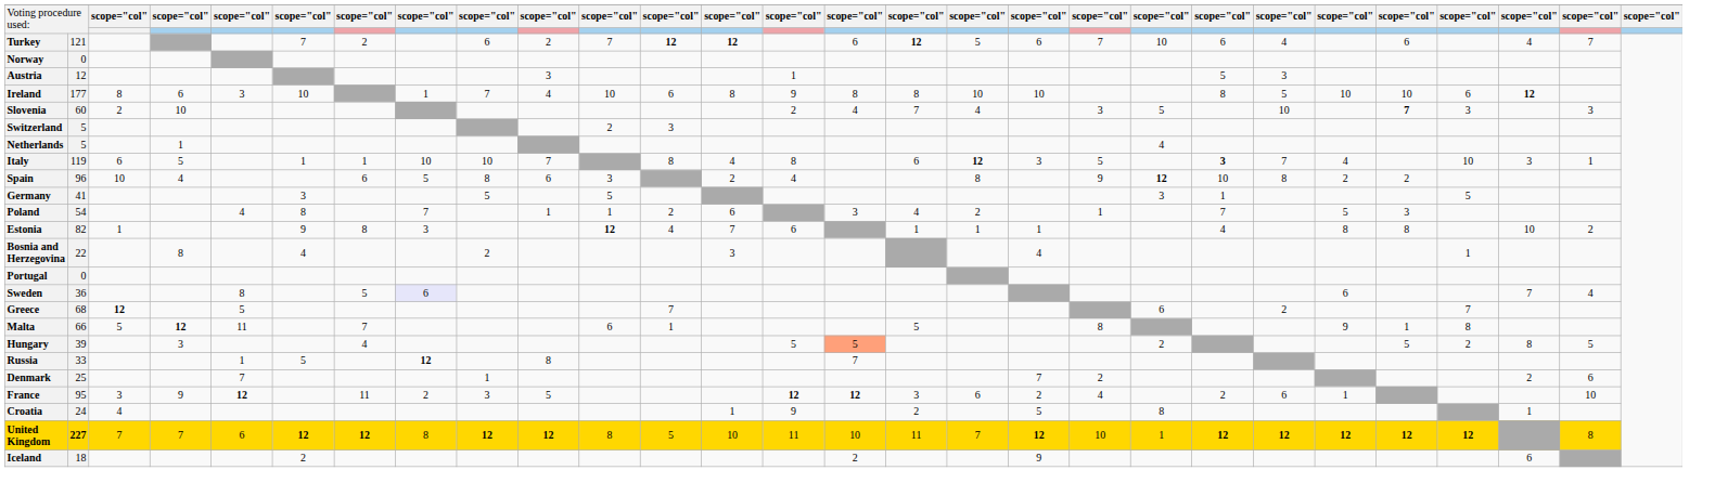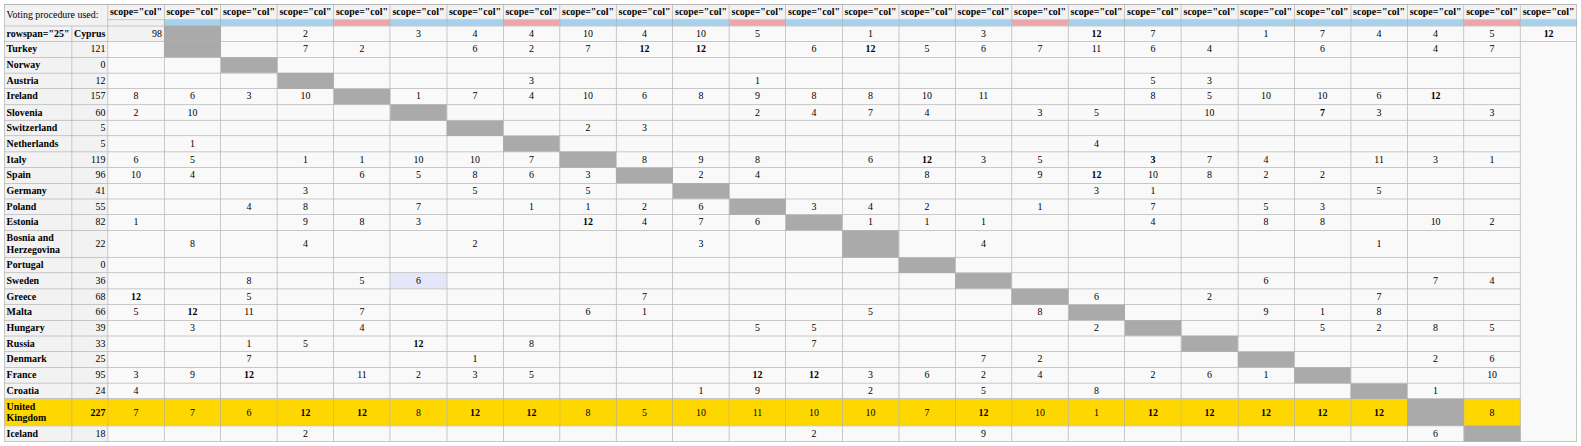 <table class="wikitable plainrowheaders" style="text-align:center;">
 <tr>
 </tr>
 <tr>
 <td colspan="2" rowspan="2" style="text-align:left; background:#F2F2F2">Voting procedure used:<br></td>
 <th>scope="col" </th>
 <th>scope="col" </th>
 <th>scope="col" </th>
 <th>scope="col" </th>
 <th>scope="col" </th>
 <th>scope="col" </th>
 <th>scope="col" </th>
 <th>scope="col" </th>
 <th>scope="col" </th>
 <th>scope="col" </th>
 <th>scope="col" </th>
 <th>scope="col" </th>
 <th>scope="col" </th>
 <th>scope="col" </th>
 <th>scope="col" </th>
 <th>scope="col" </th>
 <th>scope="col" </th>
 <th>scope="col" </th>
 <th>scope="col" </th>
 <th>scope="col" </th>
 <th>scope="col" </th>
 <th>scope="col" </th>
 <th>scope="col" </th>
 <th>scope="col" </th>
 <th>scope="col" </th>
 <th>scope="col" </th>
 </tr>
 <tr>
 <th style="height:2px; border-top:1px solid transparent;"></th>
 <td style="background:#A4D1EF;"></td>
 <td style="background:#A4D1EF;"></td>
 <td style="background:#A4D1EF;"></td>
 <td style="background:#EFA4A9;"></td>
 <td style="background:#A4D1EF;"></td>
 <td style="background:#A4D1EF;"></td>
 <td style="background:#EFA4A9;"></td>
 <td style="background:#A4D1EF;"></td>
 <td style="background:#A4D1EF;"></td>
 <td style="background:#A4D1EF;"></td>
 <td style="background:#EFA4A9;"></td>
 <td style="background:#A4D1EF;"></td>
 <td style="background:#A4D1EF;"></td>
 <td style="background:#A4D1EF;"></td>
 <td style="background:#A4D1EF;"></td>
 <td style="background:#EFA4A9;"></td>
 <td style="background:#A4D1EF;"></td>
 <td style="background:#A4D1EF;"></td>
 <td style="background:#A4D1EF;"></td>
 <td style="background:#A4D1EF;"></td>
 <td style="background:#A4D1EF;"></td>
 <td style="background:#A4D1EF;"></td>
 <td style="background:#A4D1EF;"></td>
 <td style="background:#EFA4A9;"></td>
 <td style="background:#A4D1EF;"></td>
 </tr>
 <tr>
+<th>rowspan="25" </th>
+<th scope="row" style="text-align:left; background:#f2f2f2;">Cyprus</th>
+<td style="text-align:right; background:#f2f2f2;">98</td>
+<td style="text-align:left; background:#AAA;"></td>
+<td></td>
+<td>2</td>
+<td></td>
+<td>3</td>
+<td>4</td>
+<td>4</td>
+<td>10</td>
+<td>4</td>
+<td>10</td>
+<td>5</td>
+<td></td>
+<td>1</td>
+<td></td>
+<td>3</td>
+<td></td>
+<td><strong>12</strong></td>
+<td>7</td>
+<td></td>
+<td>1</td>
+<td>7</td>
+<td>4</td>
+<td>4</td>
+<td>5</td>
+<td><strong>12</strong></td>
+</tr>
+<tr>
 <th scope="row" style="text-align:left; background:#f2f2f2;">Turkey</th>
 <td style="text-align:right; background:#f2f2f2;">121</td>
 <td></td>
 <td style="text-align:left; background:#AAA;"></td>
 <td></td>
 <td>7</td>
 <td>2</td>
 <td></td>
 <td>6</td>
 <td>2</td>
 <td>7</td>
 <td><strong>12</strong></td>
 <td><strong>12</strong></td>
 <td></td>
 <td>6</td>
 <td><strong>12</strong></td>
 <td>5</td>
 <td>6</td>
 <td>7</td>
-<td>10</td>
+<td>11</td>
 <td>6</td>
 <td>4</td>
 <td></td>
 <td>6</td>
 <td></td>
 <td>4</td>
 <td>7</td>
 </tr>
 <tr>
 <th scope="row" style="text-align:left; background:#f2f2f2;">Norway</th>
 <td style="text-align:right; background:#f2f2f2;">0</td>
 <td></td>
 <td></td>
 <td style="text-align:left; background:#AAA;"></td>
 <td></td>
 <td></td>
 <td></td>
 <td></td>
 <td></td>
 <td></td>
 <td></td>
 <td></td>
 <td></td>
 <td></td>
 <td></td>
 <td></td>
 <td></td>
 <td></td>
 <td></td>
 <td></td>
 <td></td>
 <td></td>
 <td></td>
 <td></td>
 <td></td>
 <td></td>
 </tr>
 <tr>
 <th scope="row" style="text-align:left; background:#f2f2f2;">Austria</th>
 <td style="text-align:right; background:#f2f2f2;">12</td>
 <td></td>
 <td></td>
 <td></td>
 <td style="text-align:left; background:#AAA;"></td>
 <td></td>
 <td></td>
 <td></td>
 <td>3</td>
 <td></td>
 <td></td>
 <td></td>
 <td>1</td>
 <td></td>
 <td></td>
 <td></td>
 <td></td>
 <td></td>
 <td></td>
 <td>5</td>
 <td>3</td>
 <td></td>
 <td></td>
 <td></td>
 <td></td>
 <td></td>
 </tr>
 <tr>
 <th scope="row" style="text-align:left; background:#f2f2f2;">Ireland</th>
-<td style="text-align:right; background:#f2f2f2;">177</td>
+<td style="text-align:right; background:#f2f2f2;">157</td>
 <td>8</td>
 <td>6</td>
 <td>3</td>
 <td>10</td>
 <td style="text-align:left; background:#AAA;"></td>
 <td>1</td>
 <td>7</td>
 <td>4</td>
 <td>10</td>
 <td>6</td>
 <td>8</td>
 <td>9</td>
 <td>8</td>
 <td>8</td>
 <td>10</td>
-<td>10</td>
+<td>11</td>
 <td></td>
 <td></td>
 <td>8</td>
 <td>5</td>
 <td>10</td>
 <td>10</td>
 <td>6</td>
 <td><strong>12</strong></td>
 <td></td>
 </tr>
 <tr>
 <th scope="row" style="text-align:left; background:#f2f2f2;">Slovenia</th>
 <td style="text-align:right; background:#f2f2f2;">60</td>
 <td>2</td>
 <td>10</td>
 <td></td>
 <td></td>
 <td></td>
 <td style="text-align:left; background:#AAA;"></td>
 <td></td>
 <td></td>
 <td></td>
 <td></td>
 <td></td>
 <td>2</td>
 <td>4</td>
 <td>7</td>
 <td>4</td>
 <td></td>
 <td>3</td>
 <td>5</td>
 <td></td>
 <td>10</td>
 <td></td>
 <td><strong>7</strong></td>
 <td>3</td>
 <td></td>
 <td>3</td>
 </tr>
 <tr>
 <th scope="row" style="text-align:left; background:#f2f2f2;">Switzerland</th>
 <td style="text-align:right; background:#f2f2f2;">5</td>
 <td></td>
 <td></td>
 <td></td>
 <td></td>
 <td></td>
 <td></td>
 <td style="text-align:left; background:#AAA;"></td>
 <td></td>
 <td>2</td>
 <td>3</td>
 <td></td>
 <td></td>
 <td></td>
 <td></td>
 <td></td>
 <td></td>
 <td></td>
 <td></td>
 <td></td>
 <td></td>
 <td></td>
 <td></td>
 <td></td>
 <td></td>
 <td></td>
 </tr>
 <tr>
 <th scope="row" style="text-align:left; background:#f2f2f2;">Netherlands</th>
 <td style="text-align:right; background:#f2f2f2;">5</td>
 <td></td>
 <td>1</td>
 <td></td>
 <td></td>
 <td></td>
 <td></td>
 <td></td>
 <td style="text-align:left; background:#AAA;"></td>
 <td></td>
 <td></td>
 <td></td>
 <td></td>
 <td></td>
 <td></td>
 <td></td>
 <td></td>
 <td></td>
 <td>4</td>
 <td></td>
 <td></td>
 <td></td>
 <td></td>
 <td></td>
 <td></td>
 <td></td>
 </tr>
 <tr>
 <th scope="row" style="text-align:left; background:#f2f2f2;">Italy</th>
 <td style="text-align:right; background:#f2f2f2;">119</td>
 <td>6</td>
 <td>5</td>
 <td></td>
 <td>1</td>
 <td>1</td>
 <td>10</td>
 <td>10</td>
 <td>7</td>
 <td style="text-align:left; background:#AAA;"></td>
 <td>8</td>
-<td>4</td>
+<td>9</td>
 <td>8</td>
 <td></td>
 <td>6</td>
 <td><strong>12</strong></td>
 <td>3</td>
 <td>5</td>
 <td></td>
 <td><strong>3</strong></td>
 <td>7</td>
 <td>4</td>
 <td></td>
-<td>10</td>
+<td>11</td>
 <td>3</td>
 <td>1</td>
 </tr>
 <tr>
 <th scope="row" style="text-align:left; background:#f2f2f2;">Spain</th>
 <td style="text-align:right; background:#f2f2f2;">96</td>
 <td>10</td>
 <td>4</td>
 <td></td>
 <td></td>
 <td>6</td>
 <td>5</td>
 <td>8</td>
 <td>6</td>
 <td>3</td>
 <td style="text-align:left; background:#AAA;"></td>
 <td>2</td>
 <td>4</td>
 <td></td>
 <td></td>
 <td>8</td>
 <td></td>
 <td>9</td>
 <td><strong>12</strong></td>
 <td>10</td>
 <td>8</td>
 <td>2</td>
 <td>2</td>
 <td></td>
 <td></td>
 <td></td>
 </tr>
 <tr>
 <th scope="row" style="text-align:left; background:#f2f2f2;">Germany</th>
 <td style="text-align:right; background:#f2f2f2;">41</td>
 <td></td>
 <td></td>
 <td></td>
 <td>3</td>
 <td></td>
 <td></td>
 <td>5</td>
 <td></td>
 <td>5</td>
 <td></td>
 <td style="text-align:left; background:#AAA;"></td>
 <td></td>
 <td></td>
 <td></td>
 <td></td>
 <td></td>
 <td></td>
 <td>3</td>
 <td>1</td>
 <td></td>
 <td></td>
 <td></td>
 <td>5</td>
 <td></td>
 <td></td>
 </tr>
 <tr>
 <th scope="row" style="text-align:left; background:#f2f2f2;">Poland</th>
-<td style="text-align:right; background:#f2f2f2;">54</td>
+<td style="text-align:right; background:#f2f2f2;">55</td>
 <td></td>
 <td></td>
 <td>4</td>
 <td>8</td>
 <td></td>
 <td>7</td>
 <td></td>
 <td>1</td>
 <td>1</td>
 <td>2</td>
 <td>6</td>
 <td style="text-align:left; background:#AAA;"></td>
 <td>3</td>
 <td>4</td>
 <td>2</td>
 <td></td>
 <td>1</td>
 <td></td>
 <td>7</td>
 <td></td>
 <td>5</td>
 <td>3</td>
 <td></td>
 <td></td>
 <td></td>
 </tr>
 <tr>
 <th scope="row" style="text-align:left; background:#f2f2f2;">Estonia</th>
 <td style="text-align:right; background:#f2f2f2;">82</td>
 <td>1</td>
 <td></td>
 <td></td>
 <td>9</td>
 <td>8</td>
 <td>3</td>
 <td></td>
 <td></td>
 <td><strong>12</strong></td>
 <td>4</td>
 <td>7</td>
 <td>6</td>
 <td style="text-align:left; background:#AAA;"></td>
 <td>1</td>
 <td>1</td>
 <td>1</td>
 <td></td>
 <td></td>
 <td>4</td>
 <td></td>
 <td>8</td>
 <td>8</td>
 <td></td>
 <td>10</td>
 <td>2</td>
 </tr>
 <tr>
 <th scope="row" style="text-align:left; background:#f2f2f2;">Bosnia and Herzegovina</th>
 <td style="text-align:right; background:#f2f2f2;">22</td>
 <td></td>
 <td>8</td>
 <td></td>
 <td>4</td>
 <td></td>
 <td></td>
 <td>2</td>
 <td></td>
 <td></td>
 <td></td>
 <td>3</td>
 <td></td>
 <td></td>
 <td style="text-align:left; background:#AAA;"></td>
 <td></td>
 <td>4</td>
 <td></td>
 <td></td>
 <td></td>
 <td></td>
 <td></td>
 <td></td>
 <td>1</td>
 <td></td>
 <td></td>
 </tr>
 <tr>
 <th scope="row" style="text-align:left; background:#f2f2f2;">Portugal</th>
 <td style="text-align:right; background:#f2f2f2;">0</td>
 <td></td>
 <td></td>
 <td></td>
 <td></td>
 <td></td>
 <td></td>
 <td></td>
 <td></td>
 <td></td>
 <td></td>
 <td></td>
 <td></td>
 <td></td>
 <td></td>
 <td style="text-align:left; background:#AAA;"></td>
 <td></td>
 <td></td>
 <td></td>
 <td></td>
 <td></td>
 <td></td>
 <td></td>
 <td></td>
 <td></td>
 <td></td>
 </tr>
 <tr>
 <th scope="row" style="text-align:left; background:#f2f2f2;">Sweden</th>
 <td style="text-align:right; background:#f2f2f2;">36</td>
 <td></td>
 <td></td>
 <td>8</td>
 <td></td>
 <td>5</td>
 <td style="background: lavender;">6</td>
 <td></td>
 <td></td>
 <td></td>
 <td></td>
 <td></td>
 <td></td>
 <td></td>
 <td></td>
 <td></td>
 <td style="text-align:left; background:#AAA;"></td>
 <td></td>
 <td></td>
 <td></td>
 <td></td>
 <td>6</td>
 <td></td>
 <td></td>
 <td>7</td>
 <td>4</td>
 </tr>
 <tr>
 <th scope="row" style="text-align:left; background:#f2f2f2;">Greece</th>
 <td style="text-align:right; background:#f2f2f2;">68</td>
 <td><strong>12</strong></td>
 <td></td>
 <td>5</td>
 <td></td>
 <td></td>
 <td></td>
 <td></td>
 <td></td>
 <td></td>
 <td>7</td>
 <td></td>
 <td></td>
 <td></td>
 <td></td>
 <td></td>
 <td></td>
 <td style="text-align:left; background:#AAA;"></td>
 <td>6</td>
 <td></td>
 <td>2</td>
 <td></td>
 <td></td>
 <td>7</td>
 <td></td>
 <td></td>
 </tr>
 <tr>
 <th scope="row" style="text-align:left; background:#f2f2f2;">Malta</th>
 <td style="text-align:right; background:#f2f2f2;">66</td>
 <td>5</td>
 <td><strong>12</strong></td>
 <td>11</td>
 <td></td>
 <td>7</td>
 <td></td>
 <td></td>
 <td></td>
 <td>6</td>
 <td>1</td>
 <td></td>
 <td></td>
 <td></td>
 <td>5</td>
 <td></td>
 <td></td>
 <td>8</td>
 <td style="text-align:left; background:#AAA;"></td>
 <td></td>
 <td></td>
 <td>9</td>
 <td>1</td>
 <td>8</td>
 <td></td>
 <td></td>
 </tr>
 <tr>
 <th scope="row" style="text-align:left; background:#f2f2f2;">Hungary</th>
 <td style="text-align:right; background:#f2f2f2;">39</td>
 <td></td>
 <td>3</td>
 <td></td>
 <td></td>
 <td>4</td>
 <td></td>
 <td></td>
 <td></td>
 <td></td>
 <td></td>
 <td></td>
 <td>5</td>
-<td style="background: lightsalmon;">5</td>
+<td>5</td>
 <td></td>
 <td></td>
 <td></td>
 <td></td>
 <td>2</td>
 <td style="text-align:left; background:#AAA;"></td>
 <td></td>
 <td></td>
 <td>5</td>
 <td>2</td>
 <td>8</td>
 <td>5</td>
 </tr>
 <tr>
 <th scope="row" style="text-align:left; background:#f2f2f2;">Russia</th>
 <td style="text-align:right; background:#f2f2f2;">33</td>
 <td></td>
 <td></td>
 <td>1</td>
 <td>5</td>
 <td></td>
 <td><strong>12</strong></td>
 <td></td>
 <td>8</td>
 <td></td>
 <td></td>
 <td></td>
 <td></td>
 <td>7</td>
 <td></td>
 <td></td>
 <td></td>
 <td></td>
 <td></td>
 <td></td>
 <td style="text-align:left; background:#AAA;"></td>
 <td></td>
 <td></td>
 <td></td>
 <td></td>
 <td></td>
 </tr>
 <tr>
 <th scope="row" style="text-align:left; background:#f2f2f2;">Denmark</th>
 <td style="text-align:right; background:#f2f2f2;">25</td>
 <td></td>
 <td></td>
 <td>7</td>
 <td></td>
 <td></td>
 <td></td>
 <td>1</td>
 <td></td>
 <td></td>
 <td></td>
 <td></td>
 <td></td>
 <td></td>
 <td></td>
 <td></td>
 <td>7</td>
 <td>2</td>
 <td></td>
 <td></td>
 <td></td>
 <td style="text-align:left; background:#AAA;"></td>
 <td></td>
 <td></td>
 <td>2</td>
 <td>6</td>
 </tr>
 <tr>
 <th scope="row" style="text-align:left; background:#f2f2f2;">France</th>
 <td style="text-align:right; background:#f2f2f2;">95</td>
 <td>3</td>
 <td>9</td>
 <td><strong>12</strong></td>
 <td></td>
 <td>11</td>
 <td>2</td>
 <td>3</td>
 <td>5</td>
 <td></td>
 <td></td>
 <td></td>
 <td><strong>12</strong></td>
 <td><strong>12</strong></td>
 <td>3</td>
 <td>6</td>
 <td>2</td>
 <td>4</td>
 <td></td>
 <td>2</td>
 <td>6</td>
 <td>1</td>
 <td style="text-align:left; background:#AAA;"></td>
 <td></td>
 <td></td>
 <td>10</td>
 </tr>
 <tr>
 <th scope="row" style="text-align:left; background:#f2f2f2;">Croatia</th>
 <td style="text-align:right; background:#f2f2f2;">24</td>
 <td>4</td>
 <td></td>
 <td></td>
 <td></td>
 <td></td>
 <td></td>
 <td></td>
 <td></td>
 <td></td>
 <td></td>
 <td>1</td>
 <td>9</td>
 <td></td>
 <td>2</td>
 <td></td>
 <td>5</td>
 <td></td>
 <td>8</td>
 <td></td>
 <td></td>
 <td></td>
 <td></td>
 <td style="text-align:left; background:#AAA;"></td>
 <td>1</td>
 <td></td>
 </tr>
 <tr style="background:gold;">
 <th scope="row" style="text-align:left; font-weight:bold; background:gold;">United Kingdom</th>
 <td style="text-align:right; font-weight:bold;">227</td>
 <td>7</td>
 <td>7</td>
 <td>6</td>
 <td><strong>12</strong></td>
 <td><strong>12</strong></td>
 <td>8</td>
 <td><strong>12</strong></td>
 <td><strong>12</strong></td>
 <td>8</td>
 <td>5</td>
 <td>10</td>
 <td>11</td>
 <td>10</td>
-<td>11</td>
+<td>10</td>
 <td>7</td>
 <td><strong>12</strong></td>
 <td>10</td>
 <td>1</td>
 <td><strong>12</strong></td>
 <td><strong>12</strong></td>
 <td><strong>12</strong></td>
 <td><strong>12</strong></td>
 <td><strong>12</strong></td>
 <td style="text-align:left; background:#AAA;"></td>
 <td>8</td>
 </tr>
 <tr>
 <th scope="row" style="text-align:left; background:#f2f2f2;">Iceland</th>
 <td style="text-align:right; background:#f2f2f2;">18</td>
 <td></td>
 <td></td>
 <td></td>
 <td>2</td>
 <td></td>
 <td></td>
 <td></td>
 <td></td>
 <td></td>
 <td></td>
 <td></td>
 <td></td>
 <td>2</td>
 <td></td>
 <td></td>
 <td>9</td>
 <td></td>
 <td></td>
 <td></td>
 <td></td>
 <td></td>
 <td></td>
 <td></td>
 <td>6</td>
 <td style="text-align:left; background:#AAA;"></td>
 </tr>
 </table>
